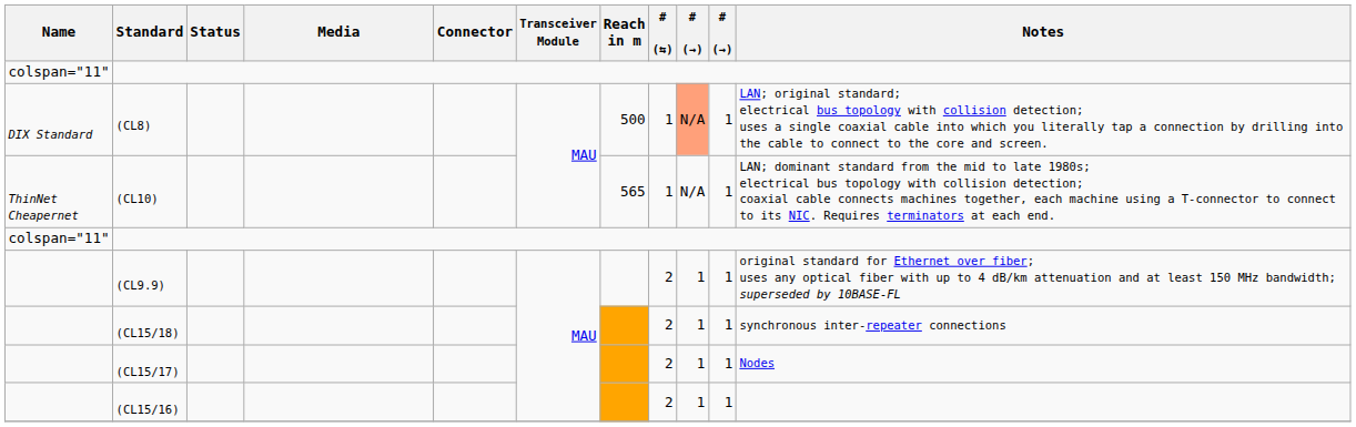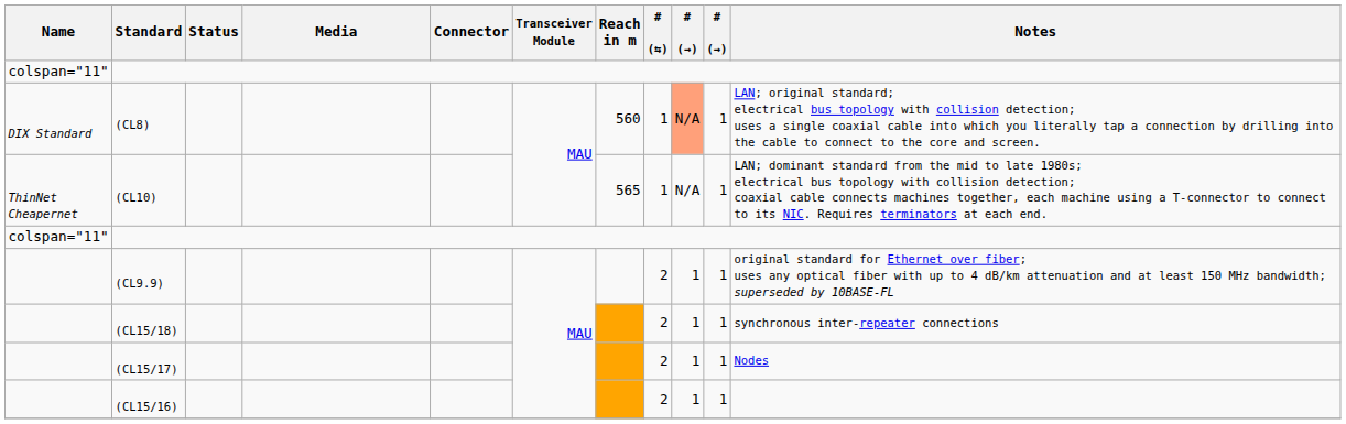 <table class="wikitable" style="line-height:110%;">
 <tr>
 <th>Name</th>
 <th>Standard</th>
 <th>Status</th>
 <th style="width: 170px;">Media</th>
 <th>Connector</th>
 <th><small>Transceiver<br>Module</small></th>
 <th>Reach<br>in m</th>
 <th><small>#<br><br>(⇆)</small></th>
 <th><small>#<br><br>(→)</small></th>
 <th><small>#<br><br>(→)</small></th>
 <th>Notes</th>
 </tr>
 <tr>
 <td>colspan="11" </td>
 </tr>
 <tr>
 <td><br><small></small><br><small><em>DIX Standard</em></small></td>
 <td><br><small>(CL8)</small></td>
 <td></td>
 <td></td>
 <td></td>
 <td rowspan="2" align="right"><a href='#'>MAU</a></td>
-<td style="text-align:right;">500</td>
+<td style="text-align:right;">560</td>
 <td style="text-align:right;">1</td>
 <td style="background: lightsalmon; text-align:right;">N/A</td>
 <td style="text-align:right;">1</td>
 <td><small><a href='#'>LAN</a>; original standard;<br>electrical <a href='#'>bus topology</a> with <a href='#'>collision</a> detection;<br>uses a single coaxial cable into which you literally tap a connection by drilling into the cable to connect to the core and screen.</small></td>
 </tr>
 <tr>
 <td><br><small></small><br><small><em>ThinNet</em></small><br><small><em>Cheapernet</em></small></td>
 <td><br><small>(CL10)</small></td>
 <td></td>
 <td></td>
 <td></td>
 <td style="text-align:right;">565</td>
 <td style="text-align:right;">1</td>
 <td style="text-align:right;">N/A</td>
 <td style="text-align:right;">1</td>
 <td><small>LAN; dominant standard from the mid to late 1980s;<br>electrical bus topology with collision detection;<br>coaxial cable connects machines together, each machine using a T-connector to connect to its <a href='#'>NIC</a>. Requires <a href='#'>terminators</a> at each end.</small></td>
 </tr>
 <tr>
 <td>colspan="11" </td>
 </tr>
 <tr>
 <td></td>
 <td><br><small>(CL9.9)</small></td>
 <td></td>
 <td></td>
 <td></td>
 <td rowspan="4" align="right"><a href='#'>MAU</a></td>
 <td></td>
 <td style="text-align:right;">2</td>
 <td style="text-align:right;">1</td>
 <td style="text-align:right;">1</td>
 <td><small>original standard for <a href='#'>Ethernet over fiber</a>;<br>uses any optical fiber with up to 4 dB/km attenuation and at least 150 MHz bandwidth;<br><em>superseded by 10BASE-FL</em></small></td>
 </tr>
 <tr>
 <td></td>
 <td><br><small>(CL15/18)</small></td>
 <td></td>
 <td></td>
 <td></td>
 <td style="background-color:orange"></td>
 <td style="text-align:right;">2</td>
 <td style="text-align:right;">1</td>
 <td style="text-align:right;">1</td>
 <td><small>synchronous inter-<a href='#'>repeater</a> connections</small></td>
 </tr>
 <tr>
 <td></td>
 <td><br><small>(CL15/17)</small></td>
 <td></td>
 <td></td>
 <td></td>
 <td style="background-color:orange"></td>
 <td style="text-align:right;">2</td>
 <td style="text-align:right;">1</td>
 <td style="text-align:right;">1</td>
 <td><small><a href='#'>Nodes</a></small></td>
 </tr>
 <tr>
 <td></td>
 <td><br><small>(CL15/16)</small></td>
 <td></td>
 <td></td>
 <td></td>
 <td style="background-color:orange"></td>
 <td style="text-align:right;">2</td>
 <td style="text-align:right;">1</td>
 <td style="text-align:right;">1</td>
 <td></td>
 </tr>
 <tr>
 </tr>
 </table>
